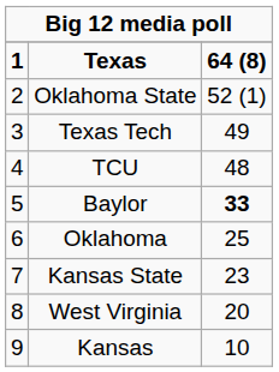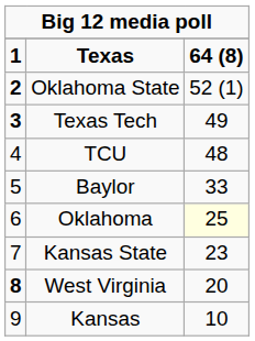 <table class="wikitable" style="display: inline-table;">
 <tr>
 <td align="center" Colspan="3"><strong>Big 12 media poll</strong></td>
 </tr>
 <tr align="center">
 </tr>
 <tr align="center">
 <td><strong>1</strong></td>
 <td><strong>Texas</strong></td>
 <td><strong>64 (8)</strong></td>
 </tr>
 <tr align="center">
-<td>2</td>
+<td><strong>2</strong></td>
 <td>Oklahoma State</td>
 <td>52 (1)</td>
 </tr>
 <tr align="center">
-<td>3</td>
+<td><strong>3</strong></td>
 <td>Texas Tech</td>
 <td>49</td>
 </tr>
 <tr align="center">
 <td>4</td>
 <td>TCU</td>
 <td>48</td>
 </tr>
 <tr align="center">
 <td>5</td>
 <td>Baylor</td>
-<td><strong>33</strong></td>
+<td>33</td>
 </tr>
 <tr align="center">
 <td>6</td>
 <td>Oklahoma</td>
-<td>25</td>
+<td style="background: lightyellow;">25</td>
 </tr>
 <tr align="center">
 <td>7</td>
 <td>Kansas State</td>
 <td>23</td>
 </tr>
 <tr align="center">
-<td>8</td>
+<td><strong>8</strong></td>
 <td>West Virginia</td>
 <td>20</td>
 </tr>
 <tr align="center">
 <td>9</td>
 <td>Kansas</td>
 <td>10</td>
 </tr>
 </table>
